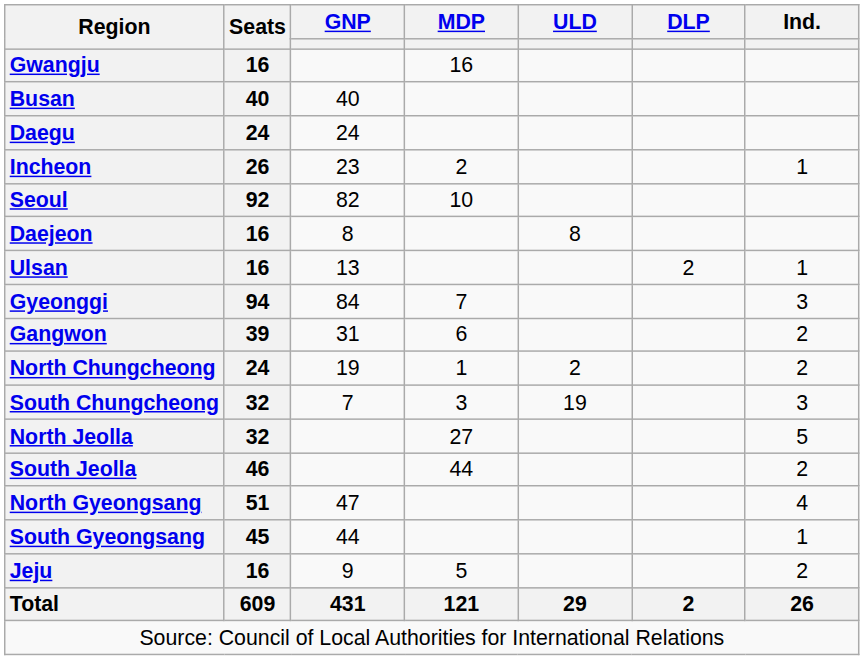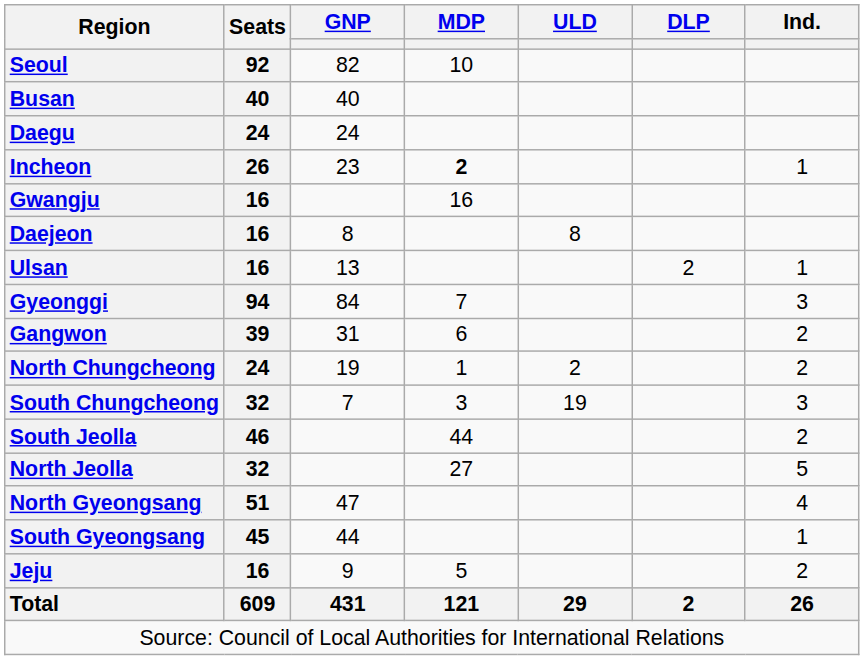 <table class="wikitable" style="text-align:center; font-size: 0.9em;">
 <tr>
 <th rowspan="2">Region</th>
 <th rowspan="2">Seats</th>
 <th class="unsortable" style="width:70px;"><a href='#'>GNP</a></th>
 <th class="unsortable" style="width:70px;"><a href='#'>MDP</a></th>
 <th class="unsortable" style="width:70px;"><a href='#'>ULD</a></th>
 <th class="unsortable" style="width:70px;"><a href='#'>DLP</a></th>
 <th class="unsortable" style="width:70px;">Ind.</th>
 </tr>
 <tr>
 <th style="background:"></th>
 <th style="background:"></th>
 <th style="background:"></th>
 <th style="background:"></th>
 <th style="background:"></th>
 </tr>
 <tr>
-<th style="text-align: left;"><a href='#'>Gwangju</a></th>
-<th>16</th>
-<td></td>
-<td>16</td>
+<th style="text-align: left;"><a href='#'>Seoul</a></th>
+<th>92</th>
+<td>82</td>
+<td>10</td>
 <td></td>
 <td></td>
 <td></td>
 </tr>
 <tr>
 <th style="text-align: left;"><a href='#'>Busan</a></th>
 <th>40</th>
 <td>40</td>
 <td></td>
 <td></td>
 <td></td>
 <td></td>
 </tr>
 <tr>
 <th style="text-align: left;"><a href='#'>Daegu</a></th>
 <th>24</th>
 <td>24</td>
 <td></td>
 <td></td>
 <td></td>
 <td></td>
 </tr>
 <tr>
 <th style="text-align: left;"><a href='#'>Incheon</a></th>
 <th>26</th>
 <td>23</td>
-<td>2</td>
+<td><strong>2</strong></td>
 <td></td>
 <td></td>
 <td>1</td>
 </tr>
 <tr>
-<th style="text-align: left;"><a href='#'>Seoul</a></th>
-<th>92</th>
-<td>82</td>
-<td>10</td>
+<th style="text-align: left;"><a href='#'>Gwangju</a></th>
+<th>16</th>
+<td></td>
+<td>16</td>
 <td></td>
 <td></td>
 <td></td>
 </tr>
 <tr>
 <th style="text-align: left;"><a href='#'>Daejeon</a></th>
 <th>16</th>
 <td>8</td>
 <td></td>
 <td>8</td>
 <td></td>
 <td></td>
 </tr>
 <tr>
 <th style="text-align: left;"><a href='#'>Ulsan</a></th>
 <th>16</th>
 <td>13</td>
 <td></td>
 <td></td>
 <td>2</td>
 <td>1</td>
 </tr>
 <tr>
 <th style="text-align: left;"><a href='#'>Gyeonggi</a></th>
 <th>94</th>
 <td>84</td>
 <td>7</td>
 <td></td>
 <td></td>
 <td>3</td>
 </tr>
 <tr>
 <th style="text-align: left;"><a href='#'>Gangwon</a></th>
 <th>39</th>
 <td>31</td>
 <td>6</td>
 <td></td>
 <td></td>
 <td>2</td>
 </tr>
 <tr>
 <th style="text-align: left;"><a href='#'>North Chungcheong</a></th>
 <th>24</th>
 <td>19</td>
 <td>1</td>
 <td>2</td>
 <td></td>
 <td>2</td>
 </tr>
 <tr>
 <th style="text-align: left;"><a href='#'>South Chungcheong</a></th>
 <th>32</th>
 <td>7</td>
 <td>3</td>
 <td>19</td>
 <td></td>
 <td>3</td>
 </tr>
 <tr>
+<th style="text-align: left;"><a href='#'>South Jeolla</a></th>
+<th>46</th>
+<td></td>
+<td>44</td>
+<td></td>
+<td></td>
+<td>2</td>
+</tr>
+<tr>
 <th style="text-align: left;"><a href='#'>North Jeolla</a></th>
 <th>32</th>
 <td></td>
 <td>27</td>
 <td></td>
 <td></td>
 <td>5</td>
-</tr>
-<tr>
-<th style="text-align: left;"><a href='#'>South Jeolla</a></th>
-<th>46</th>
-<td></td>
-<td>44</td>
-<td></td>
-<td></td>
-<td>2</td>
 </tr>
 <tr>
 <th style="text-align: left;"><a href='#'>North Gyeongsang</a></th>
 <th>51</th>
 <td>47</td>
 <td></td>
 <td></td>
 <td></td>
 <td>4</td>
 </tr>
 <tr>
 <th style="text-align: left;"><a href='#'>South Gyeongsang</a></th>
 <th>45</th>
 <td>44</td>
 <td></td>
 <td></td>
 <td></td>
 <td>1</td>
 </tr>
 <tr>
 <th style="text-align: left;"><a href='#'>Jeju</a></th>
 <th>16</th>
 <td>9</td>
 <td>5</td>
 <td></td>
 <td></td>
 <td>2</td>
 </tr>
 <tr class="sortbottom">
 <th style="text-align: left;">Total</th>
 <th>609</th>
 <th>431</th>
 <th>121</th>
 <th>29</th>
 <th>2</th>
 <th>26</th>
 </tr>
 <tr>
 <td colspan="7">Source: Council of Local Authorities for International Relations</td>
 </tr>
 </table>
